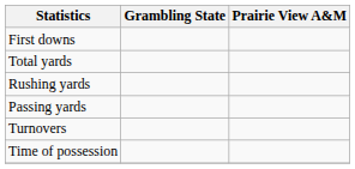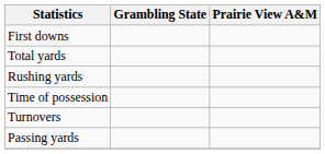 <table class="wikitable">
 <tr>
 <th>Statistics</th>
 <th>Grambling State</th>
 <th>Prairie View A&M</th>
 </tr>
 <tr>
 <td>First downs</td>
 <td> </td>
 <td> </td>
 </tr>
 <tr>
 <td>Total yards</td>
 <td> </td>
 <td> </td>
 </tr>
 <tr>
 <td>Rushing yards</td>
 <td> </td>
 <td> </td>
 </tr>
 <tr>
-<td>Passing yards</td>
+<td>Time of possession</td>
 <td> </td>
 <td> </td>
 </tr>
 <tr>
 <td>Turnovers</td>
 <td> </td>
 <td> </td>
 </tr>
 <tr>
-<td>Time of possession</td>
+<td>Passing yards</td>
 <td> </td>
 <td> </td>
 </tr>
 <tr>
 </tr>
 </table>
